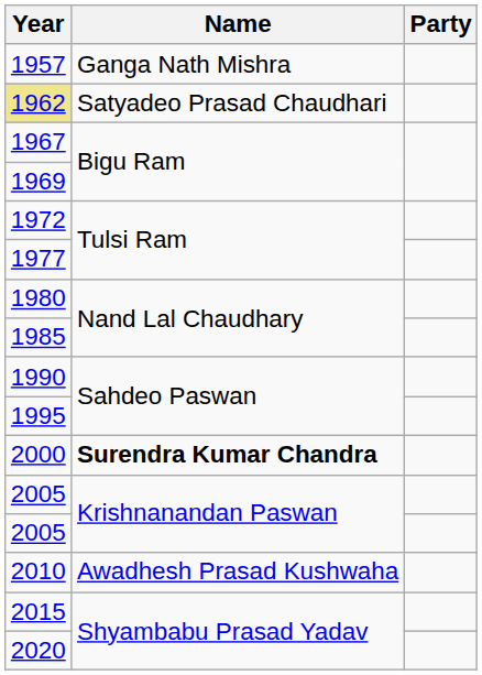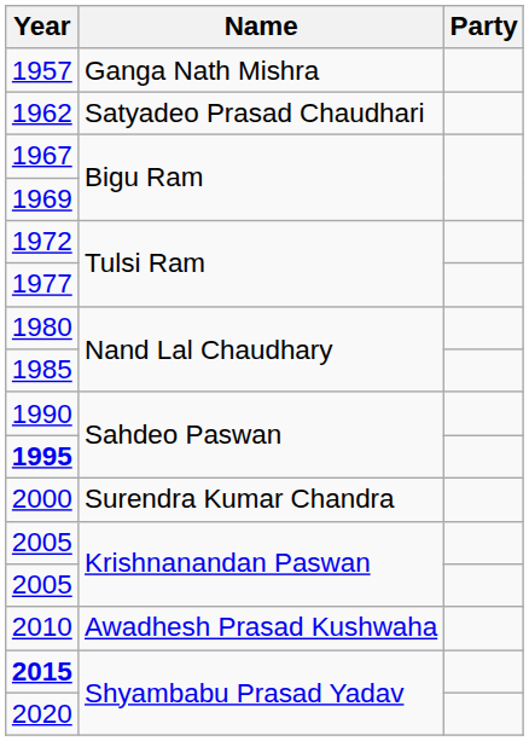 <table class="wikitable sortable">
 <tr>
 <th>Year</th>
 <th>Name</th>
 <th colspan="2">Party</th>
 </tr>
 <tr>
 <td><a href='#'>1957</a></td>
 <td>Ganga Nath Mishra</td>
 <td></td>
 </tr>
 <tr>
-<td style="background: khaki;"><a href='#'>1962</a></td>
+<td><a href='#'>1962</a></td>
 <td>Satyadeo Prasad Chaudhari</td>
 <td></td>
 </tr>
 <tr>
 <td><a href='#'>1967</a></td>
 <td rowspan="2">Bigu Ram</td>
 </tr>
 <tr>
 <td><a href='#'>1969</a></td>
 </tr>
 <tr>
 <td><a href='#'>1972</a></td>
 <td rowspan="2">Tulsi Ram</td>
 <td></td>
 </tr>
 <tr>
 <td><a href='#'>1977</a></td>
 </tr>
 <tr>
 <td><a href='#'>1980</a></td>
 <td rowspan="2">Nand Lal Chaudhary</td>
 <td></td>
 </tr>
 <tr>
 <td><a href='#'>1985</a></td>
 </tr>
 <tr>
 <td><a href='#'>1990</a></td>
 <td rowspan="2">Sahdeo Paswan</td>
 <td></td>
 </tr>
 <tr>
-<td><a href='#'>1995</a></td>
+<td><strong><a href='#'>1995</a></strong></td>
 </tr>
 <tr>
 <td><a href='#'>2000</a></td>
-<td><strong>Surendra Kumar Chandra</strong></td>
+<td>Surendra Kumar Chandra</td>
 <td></td>
 </tr>
 <tr>
 <td><a href='#'>2005</a></td>
 <td rowspan="2"><a href='#'>Krishnanandan Paswan</a></td>
 <td></td>
 </tr>
 <tr>
 <td><a href='#'>2005</a></td>
 </tr>
 <tr>
 <td><a href='#'>2010</a></td>
 <td><a href='#'>Awadhesh Prasad Kushwaha</a></td>
 <td></td>
 </tr>
 <tr>
-<td><a href='#'>2015</a></td>
+<td><strong><a href='#'>2015</a></strong></td>
 <td rowspan="2"><a href='#'>Shyambabu Prasad Yadav</a></td>
 <td></td>
 </tr>
 <tr>
 <td><a href='#'>2020</a></td>
 </tr>
 </table>
